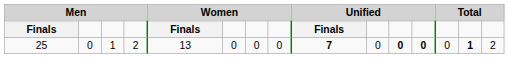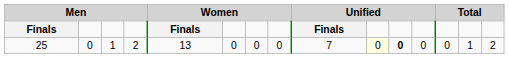 <table class="wikitable" width=55% style="font-size:90%; text-align:center;">
 <tr>
 <th colspan=4 style="background-color:lightgrey">Men</th>
 <th colspan=4 style="background-color:lightgrey">Women</th>
 <th colspan=4 style="background-color:lightgrey">Unified</th>
 <th colspan=4 style="background-color:lightgrey">Total</th>
 </tr>
 <tr>
 <th>Finals</th>
 <td></td>
 <td></td>
 <td style="border-right: 2px solid green;"></td>
 <th>Finals</th>
 <td></td>
 <td></td>
 <td style="border-right: 2px solid green;"></td>
 <th>Finals</th>
 <td></td>
 <td></td>
 <td style="border-right: 2px solid green;"></td>
 <td></td>
 <td></td>
 <td></td>
 </tr>
 <tr>
 <td>25</td>
 <td>0</td>
 <td>1</td>
 <td style="border-right: 2px solid green;">2</td>
 <td>13</td>
 <td>0</td>
 <td>0</td>
 <td style="border-right: 2px solid green;">0</td>
-<td><strong>7</strong></td>
+<td>7</td>
+<td style="background: lightyellow;">0</td>
+<td><strong>0</strong></td>
+<td style="border-right: 2px solid green;">0</td>
 <td>0</td>
-<td><strong>0</strong></td>
-<td style="border-right: 2px solid green;"><strong>0</strong></td>
-<td>0</td>
-<td><strong>1</strong></td>
+<td>1</td>
 <td>2</td>
 </tr>
 </table>
